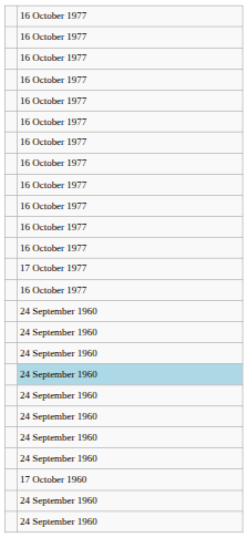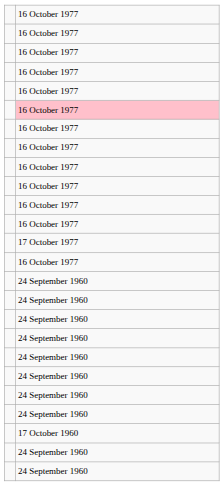 <table class="wikitable" style="font-size: 89%; float: left; width: 24em; margin-right: 1em; line-height: 1.65em">
 <tr>
 <td></td>
 <td>16 October 1977</td>
 </tr>
 <tr>
 <td></td>
 <td>16 October 1977</td>
 </tr>
 <tr>
 <td></td>
 <td>16 October 1977</td>
 </tr>
 <tr>
 <td></td>
 <td>16 October 1977</td>
 </tr>
 <tr>
 <td></td>
 <td>16 October 1977</td>
 </tr>
 <tr>
 <td></td>
-<td>16 October 1977</td>
+<td style="background: pink;">16 October 1977</td>
 </tr>
 <tr>
 <td></td>
 <td>16 October 1977</td>
 </tr>
 <tr>
 <td></td>
 <td>16 October 1977</td>
 </tr>
 <tr>
 <td></td>
 <td>16 October 1977</td>
 </tr>
 <tr>
 <td></td>
 <td>16 October 1977</td>
 </tr>
 <tr>
 <td></td>
 <td>16 October 1977</td>
 </tr>
 <tr>
 <td></td>
 <td>16 October 1977</td>
 </tr>
 <tr>
 <td></td>
 <td>17 October 1977</td>
 </tr>
 <tr>
 <td></td>
 <td>16 October 1977</td>
 </tr>
 <tr>
 <td></td>
 <td>24 September 1960</td>
 </tr>
 <tr>
 <td></td>
 <td>24 September 1960</td>
 </tr>
 <tr>
 <td></td>
 <td>24 September 1960</td>
 </tr>
 <tr>
 <td></td>
-<td style="background: lightblue;">24 September 1960</td>
+<td>24 September 1960</td>
 </tr>
 <tr>
 <td></td>
 <td>24 September 1960</td>
 </tr>
 <tr>
 <td></td>
 <td>24 September 1960</td>
 </tr>
 <tr>
 <td></td>
 <td>24 September 1960</td>
 </tr>
 <tr>
 <td></td>
 <td>24 September 1960</td>
 </tr>
 <tr>
 <td></td>
 <td>17 October 1960</td>
 </tr>
 <tr>
 <td></td>
 <td>24 September 1960</td>
 </tr>
 <tr>
 <td></td>
 <td>24 September 1960</td>
 </tr>
 </table>
